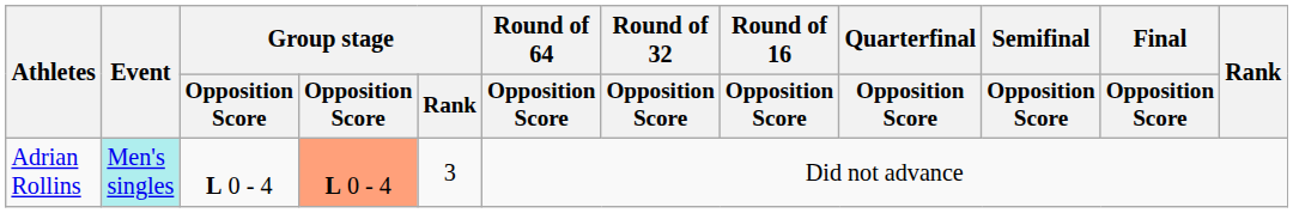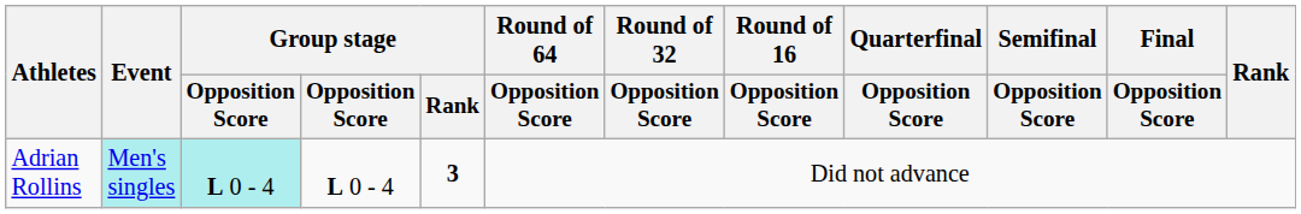 <table class="wikitable" style="font-size:90%">
 <tr>
 <th rowspan=2>Athletes</th>
 <th rowspan=2>Event</th>
 <th colspan=3>Group stage</th>
 <th>Round of 64</th>
 <th>Round of 32</th>
 <th>Round of 16</th>
 <th>Quarterfinal</th>
 <th>Semifinal</th>
 <th>Final</th>
 <th rowspan=2>Rank</th>
 </tr>
 <tr style="font-size:95%">
 <th>Opposition<br>Score</th>
 <th>Opposition<br>Score</th>
 <th>Rank</th>
 <th>Opposition<br>Score</th>
 <th>Opposition<br>Score</th>
 <th>Opposition<br>Score</th>
 <th>Opposition<br>Score</th>
 <th>Opposition<br>Score</th>
 <th>Opposition<br>Score</th>
 </tr>
 <tr align=center>
 <td align=left><a href='#'>Adrian Rollins</a></td>
 <td align=left style="background: paleturquoise;"><a href='#'>Men's singles</a></td>
+<td style="background: paleturquoise;"><br><strong>L</strong> 0 - 4</td>
 <td><br><strong>L</strong> 0 - 4</td>
-<td style="background: lightsalmon;"><br><strong>L</strong> 0 - 4</td>
-<td>3</td>
+<td><strong>3</strong></td>
 <td colspan=7>Did not advance</td>
 </tr>
 </table>
